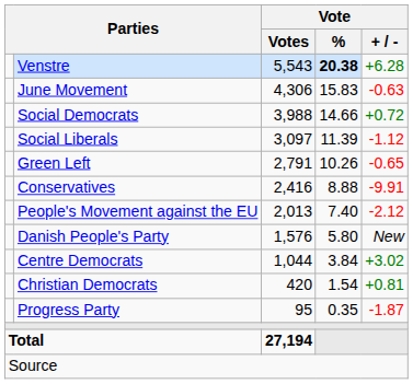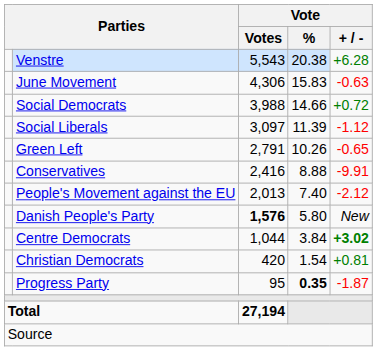 <table class="wikitable" style="text-align:right;">
 <tr>
 <th style="text-align:centre;" rowspan="2" colspan="2" width="225">Parties</th>
 <th colspan="3">Vote</th>
 </tr>
 <tr>
 <th width="15">Votes</th>
 <th width="15">%</th>
 <th width="15">+ / -</th>
 </tr>
 <tr>
 <td width="2" style="color:inherit;background:"></td>
 <td bgcolor=#cfe5fe   align="left"><a href='#'>Venstre</a></td>
 <td bgcolor=#cfe5fe>5,543</td>
-<td bgcolor=#cfe5fe><strong>20.38</strong></td>
+<td bgcolor=#cfe5fe>20.38</td>
 <td style=color:green;>+6.28</td>
 </tr>
 <tr>
 <td width="2" style="color:inherit;background:"></td>
 <td align="left"><a href='#'>June Movement</a></td>
 <td>4,306</td>
 <td>15.83</td>
 <td style=color:red;>-0.63</td>
 </tr>
 <tr>
 <td width="2" style="color:inherit;background:"></td>
 <td align="left"><a href='#'>Social Democrats</a></td>
 <td>3,988</td>
 <td>14.66</td>
 <td style=color:green;>+0.72</td>
 </tr>
 <tr>
 <td width="2" style="color:inherit;background:"></td>
 <td align="left"><a href='#'>Social Liberals</a></td>
 <td>3,097</td>
 <td>11.39</td>
 <td style=color:red;>-1.12</td>
 </tr>
 <tr>
 <td width="2" style="color:inherit;background:"></td>
 <td align="left"><a href='#'>Green Left</a></td>
 <td>2,791</td>
 <td>10.26</td>
 <td style=color:red;>-0.65</td>
 </tr>
 <tr>
 <td width="2" style="color:inherit;background:"></td>
 <td align="left"><a href='#'>Conservatives</a></td>
 <td>2,416</td>
 <td>8.88</td>
 <td style=color:red;>-9.91</td>
 </tr>
 <tr>
 <td width="2" style="color:inherit;background:"></td>
 <td align="left"><a href='#'>People's Movement against the EU</a></td>
 <td>2,013</td>
 <td>7.40</td>
 <td style=color:red;>-2.12</td>
 </tr>
 <tr>
 <td width="2" style="color:inherit;background:"></td>
 <td align="left"><a href='#'>Danish People's Party</a></td>
-<td>1,576</td>
+<td><strong>1,576</strong></td>
 <td>5.80</td>
 <td><em>New</em></td>
 </tr>
 <tr>
 <td width="2" style="color:inherit;background:"></td>
 <td align="left"><a href='#'>Centre Democrats</a></td>
 <td>1,044</td>
 <td>3.84</td>
-<td style=color:green;>+3.02</td>
+<td style=color:green;><strong>+3.02</strong></td>
 </tr>
 <tr>
 <td width="2" style="color:inherit;background:"></td>
 <td align="left"><a href='#'>Christian Democrats</a></td>
 <td>420</td>
 <td>1.54</td>
 <td style=color:green;>+0.81</td>
 </tr>
 <tr>
 <td width="2" style="color:inherit;background:"></td>
 <td align="left"><a href='#'>Progress Party</a></td>
 <td>95</td>
-<td>0.35</td>
+<td><strong>0.35</strong></td>
 <td style=color:red;>-1.87</td>
 </tr>
 <tr>
 <td colspan="7" bgcolor="#E9E9E9"></td>
 </tr>
 <tr>
 <td align="left" colspan="2"><strong>Total</strong></td>
 <td><strong>27,194</strong></td>
 <td bgcolor="#E9E9E9" colspan="2"></td>
 </tr>
 <tr>
 <td align="left" colspan="6">Source</td>
 </tr>
 </table>
